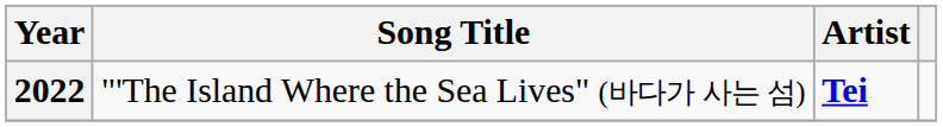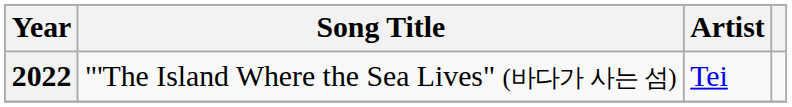 <table class="wikitable  plainrowheaders">
 <tr>
 <th scope="col">Year</th>
 <th scope="col">Song Title</th>
 <th scope="col">Artist</th>
 <th scope="col" class="unsortable"></th>
 </tr>
 <tr>
 <th scope="row">2022</th>
 <td>"'The Island Where the Sea Lives" <small>(바다가 사는 섬)</small></td>
-<td><strong><a href='#'>Tei</a></strong></td>
+<td><a href='#'>Tei</a></td>
 <td></td>
 </tr>
 <tr>
 </tr>
 </table>
